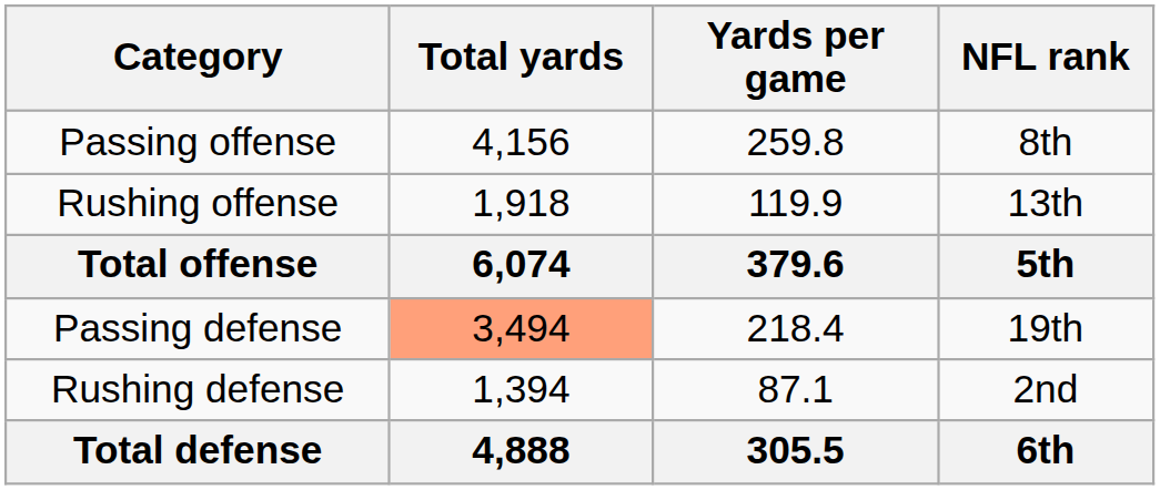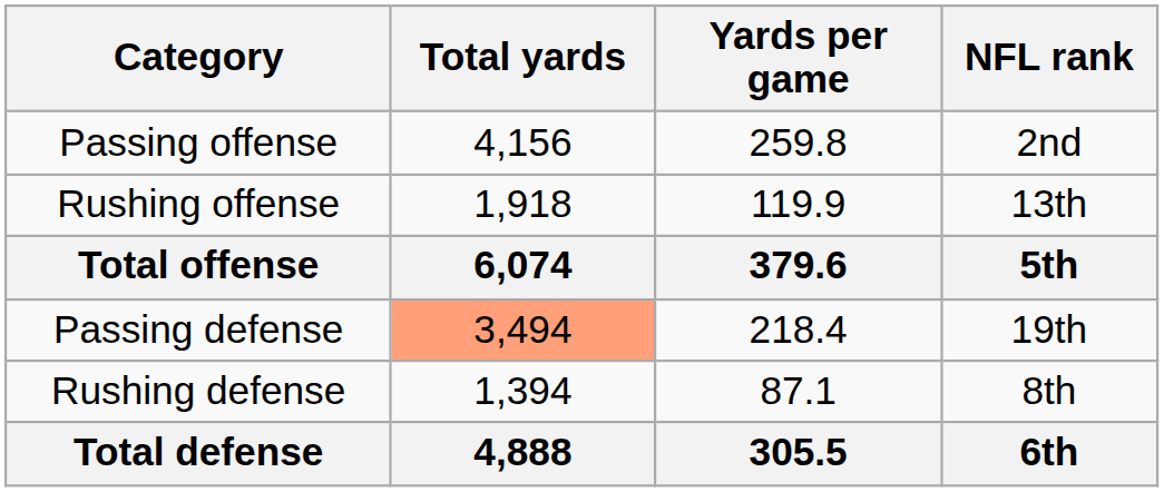 <table class="wikitable" style="text-align:center">
 <tr>
 <th width=150px>Category</th>
 <th width=100px>Total yards</th>
 <th width=110px>Yards per game</th>
 <th width=80px>NFL rank<br></th>
 </tr>
 <tr>
 <td>Passing offense</td>
 <td>4,156</td>
 <td>259.8</td>
-<td>8th</td>
+<td>2nd</td>
 </tr>
 <tr>
 <td>Rushing offense</td>
 <td>1,918</td>
 <td>119.9</td>
 <td>13th</td>
 </tr>
 <tr>
 <th>Total offense</th>
 <th>6,074</th>
 <th>379.6</th>
 <th>5th</th>
 </tr>
 <tr>
 <td>Passing defense</td>
 <td style="background: lightsalmon;">3,494</td>
 <td>218.4</td>
 <td>19th</td>
 </tr>
 <tr>
 <td>Rushing defense</td>
 <td>1,394</td>
 <td>87.1</td>
-<td>2nd</td>
+<td>8th</td>
 </tr>
 <tr>
 <th>Total defense</th>
 <th>4,888</th>
 <th>305.5</th>
 <th>6th</th>
 </tr>
 </table>
